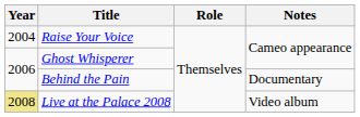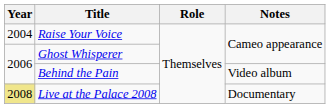 <table class="wikitable sortable">
 <tr>
 <th>Year</th>
 <th>Title</th>
 <th>Role</th>
 <th>Notes</th>
 </tr>
 <tr>
 <td>2004</td>
 <td><em><a href='#'>Raise Your Voice</a></em></td>
 <td rowspan="4">Themselves</td>
 <td rowspan="2">Cameo appearance</td>
 </tr>
 <tr>
 <td rowspan="2">2006</td>
 <td><em><a href='#'>Ghost Whisperer</a></em></td>
 </tr>
 <tr>
 <td><em><a href='#'>Behind the Pain</a></em></td>
-<td>Documentary</td>
+<td>Video album</td>
 </tr>
 <tr>
 <td style="background: khaki;">2008</td>
 <td><em><a href='#'>Live at the Palace 2008</a></em></td>
-<td>Video album</td>
+<td>Documentary</td>
 </tr>
 </table>
